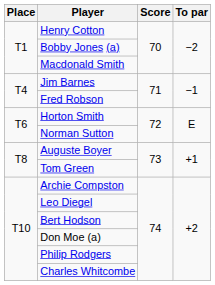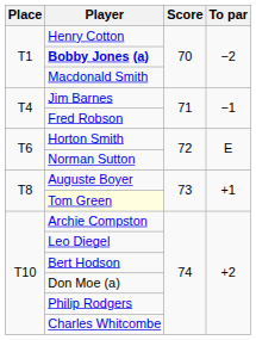 <table class=wikitable>
 <tr>
 <th>Place</th>
 <th>Player</th>
 <th>Score</th>
 <th>To par</th>
 </tr>
 <tr>
 <td rowspan=3 align=center>T1</td>
 <td> <a href='#'>Henry Cotton</a></td>
 <td rowspan=3 align=center>70</td>
 <td rowspan=3 align=center>−2</td>
 </tr>
 <tr>
-<td> <a href='#'>Bobby Jones</a> <a href='#'>(a)</a></td>
+<td><strong> <a href='#'>Bobby Jones</a> <a href='#'>(a)</a></strong></td>
 </tr>
 <tr>
 <td> <a href='#'>Macdonald Smith</a></td>
 </tr>
 <tr>
 <td rowspan=2 align=center>T4</td>
 <td> <a href='#'>Jim Barnes</a></td>
 <td rowspan=2 align=center>71</td>
 <td rowspan=2 align=center>−1</td>
 </tr>
 <tr>
 <td> <a href='#'>Fred Robson</a></td>
 </tr>
 <tr>
 <td rowspan=2 align=center>T6</td>
 <td> <a href='#'>Horton Smith</a></td>
 <td rowspan=2 align=center>72</td>
 <td rowspan=2 align=center>E</td>
 </tr>
 <tr>
 <td> <a href='#'>Norman Sutton</a></td>
 </tr>
 <tr>
 <td rowspan=2 align=center>T8</td>
 <td> <a href='#'>Auguste Boyer</a></td>
 <td rowspan=2 align=center>73</td>
 <td rowspan=2 align=center>+1</td>
 </tr>
 <tr>
-<td> <a href='#'>Tom Green</a></td>
+<td style="background: lightyellow;"> <a href='#'>Tom Green</a></td>
 </tr>
 <tr>
 <td rowspan=6 align=center>T10</td>
 <td> <a href='#'>Archie Compston</a></td>
 <td rowspan=6 align=center>74</td>
 <td rowspan=6 align=center>+2</td>
 </tr>
 <tr>
 <td> <a href='#'>Leo Diegel</a></td>
 </tr>
 <tr>
 <td> <a href='#'>Bert Hodson</a></td>
 </tr>
 <tr>
 <td> Don Moe (a)</td>
 </tr>
 <tr>
 <td> <a href='#'>Philip Rodgers</a></td>
 </tr>
 <tr>
 <td> <a href='#'>Charles Whitcombe</a></td>
 </tr>
 </table>
